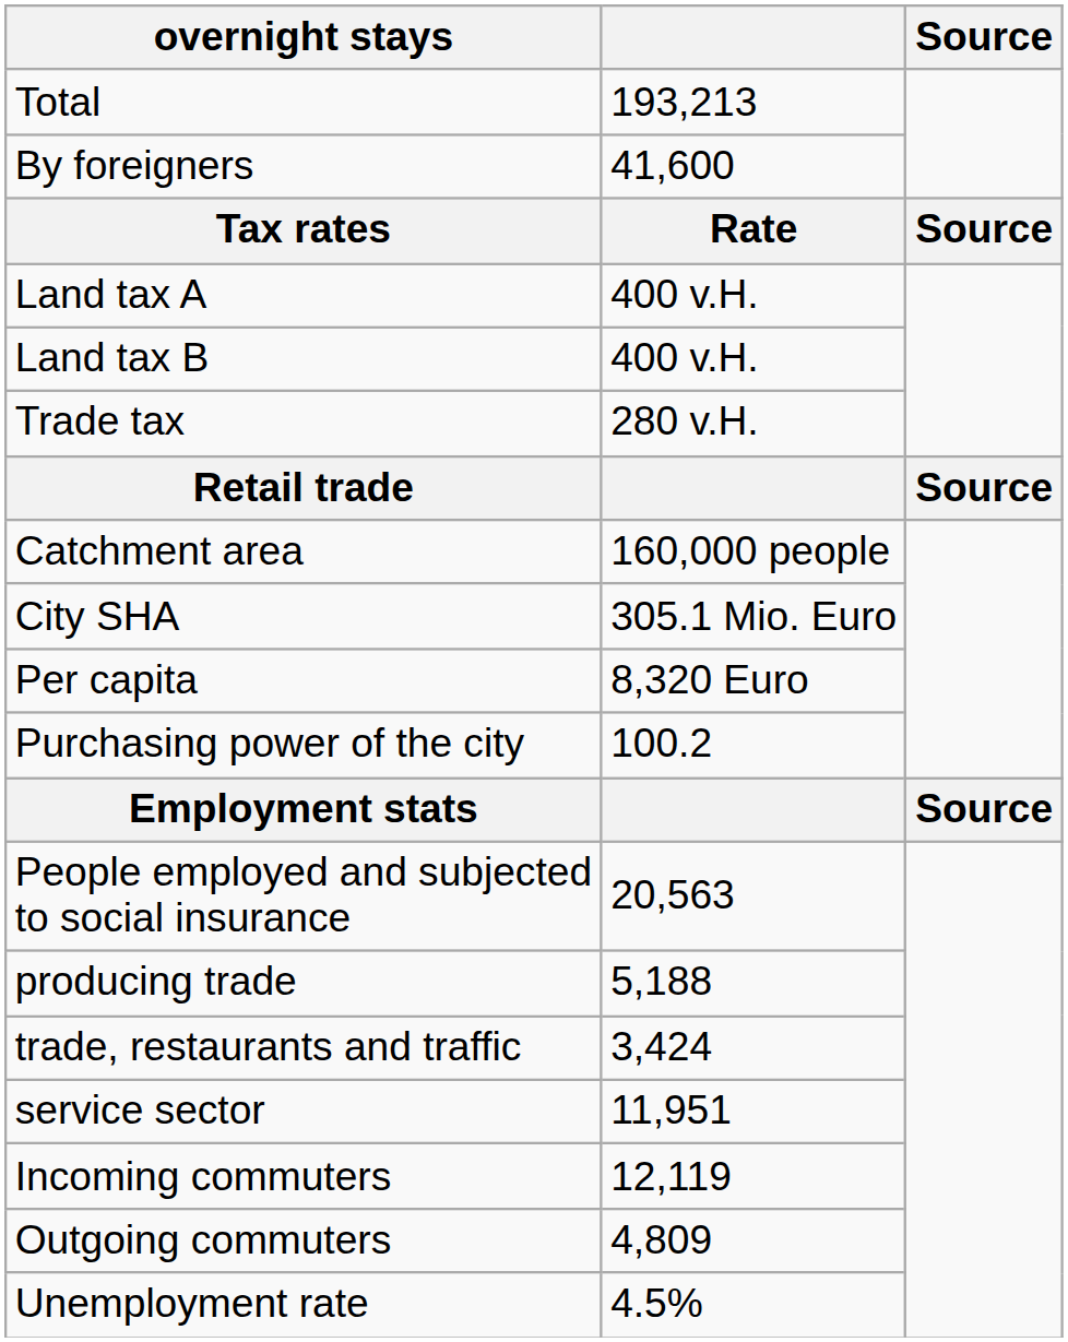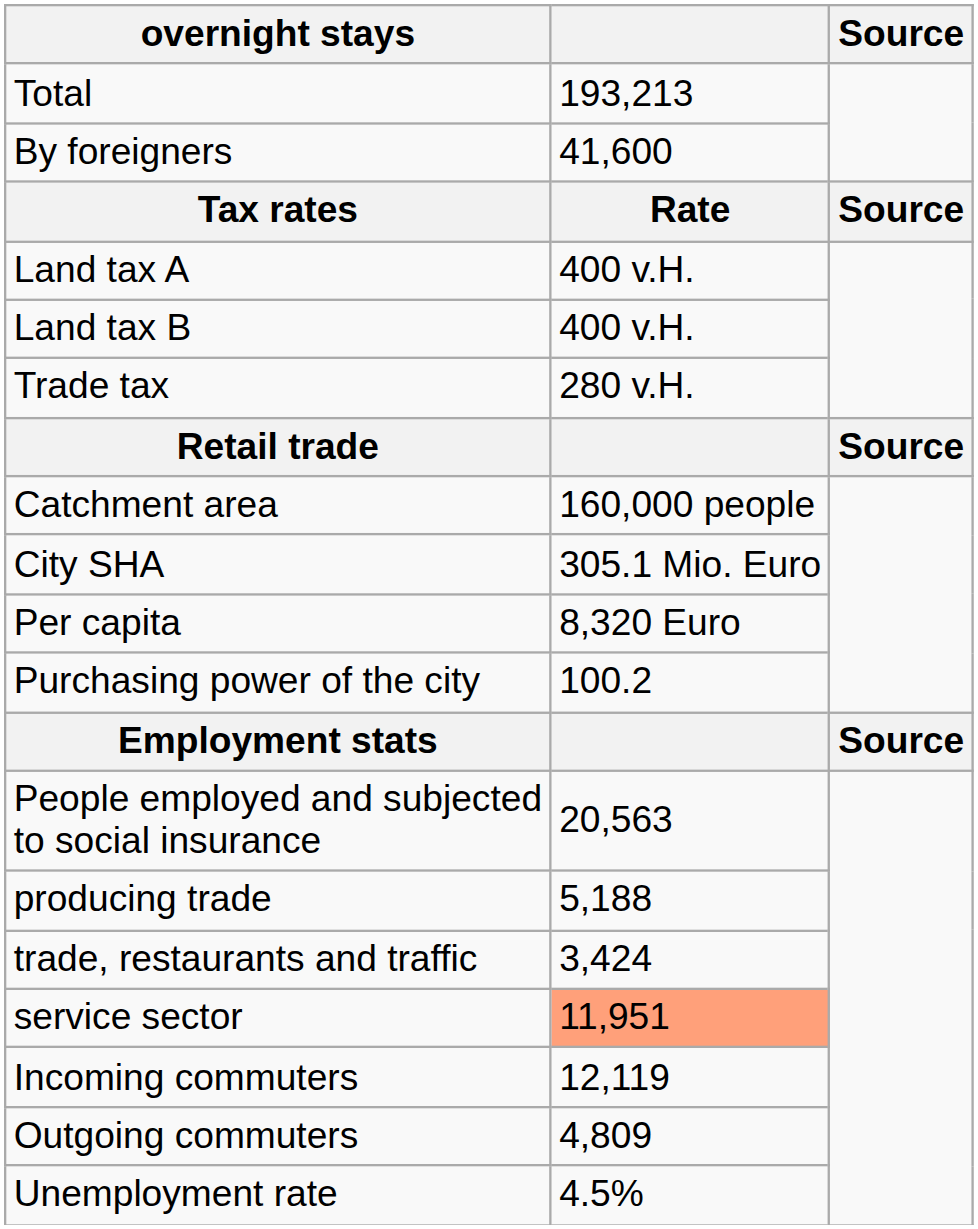 <table class="wikitable">
 <tr>
 <th>overnight stays</th>
 <th></th>
 <th>Source</th>
 </tr>
 <tr>
 <td>Total</td>
 <td>193,213</td>
 <td rowspan="2"></td>
 </tr>
 <tr>
 <td>By foreigners</td>
 <td>41,600</td>
 </tr>
 <tr>
 <th>Tax rates</th>
 <th>Rate</th>
 <th>Source</th>
 </tr>
 <tr>
 <td>Land tax A</td>
 <td>400 v.H.</td>
 <td rowspan="3"></td>
 </tr>
 <tr>
 <td>Land tax B</td>
 <td>400 v.H.</td>
 </tr>
 <tr>
 <td>Trade tax</td>
 <td>280 v.H.</td>
 </tr>
 <tr>
 <th>Retail trade</th>
 <th></th>
 <th>Source</th>
 </tr>
 <tr>
 <td>Catchment area</td>
 <td>160,000 people</td>
 <td rowspan="4"></td>
 </tr>
 <tr>
 <td>City SHA</td>
 <td>305.1 Mio. Euro</td>
 </tr>
 <tr>
 <td>Per capita</td>
 <td>8,320 Euro</td>
 </tr>
 <tr>
 <td>Purchasing power of the city</td>
 <td>100.2</td>
 </tr>
 <tr>
 <th>Employment stats</th>
 <th></th>
 <th>Source</th>
 </tr>
 <tr>
 <td>People employed and subjected<br>to social insurance</td>
 <td>20,563</td>
 <td rowspan="7"></td>
 </tr>
 <tr>
 <td>producing trade</td>
 <td>5,188</td>
 </tr>
 <tr>
 <td>trade, restaurants and traffic</td>
 <td>3,424</td>
 </tr>
 <tr>
 <td>service sector</td>
-<td>11,951</td>
+<td style="background: lightsalmon;">11,951</td>
 </tr>
 <tr>
 <td>Incoming commuters</td>
 <td>12,119</td>
 </tr>
 <tr>
 <td>Outgoing commuters</td>
 <td>4,809</td>
 </tr>
 <tr>
 <td>Unemployment rate</td>
 <td>4.5%</td>
 </tr>
 </table>
